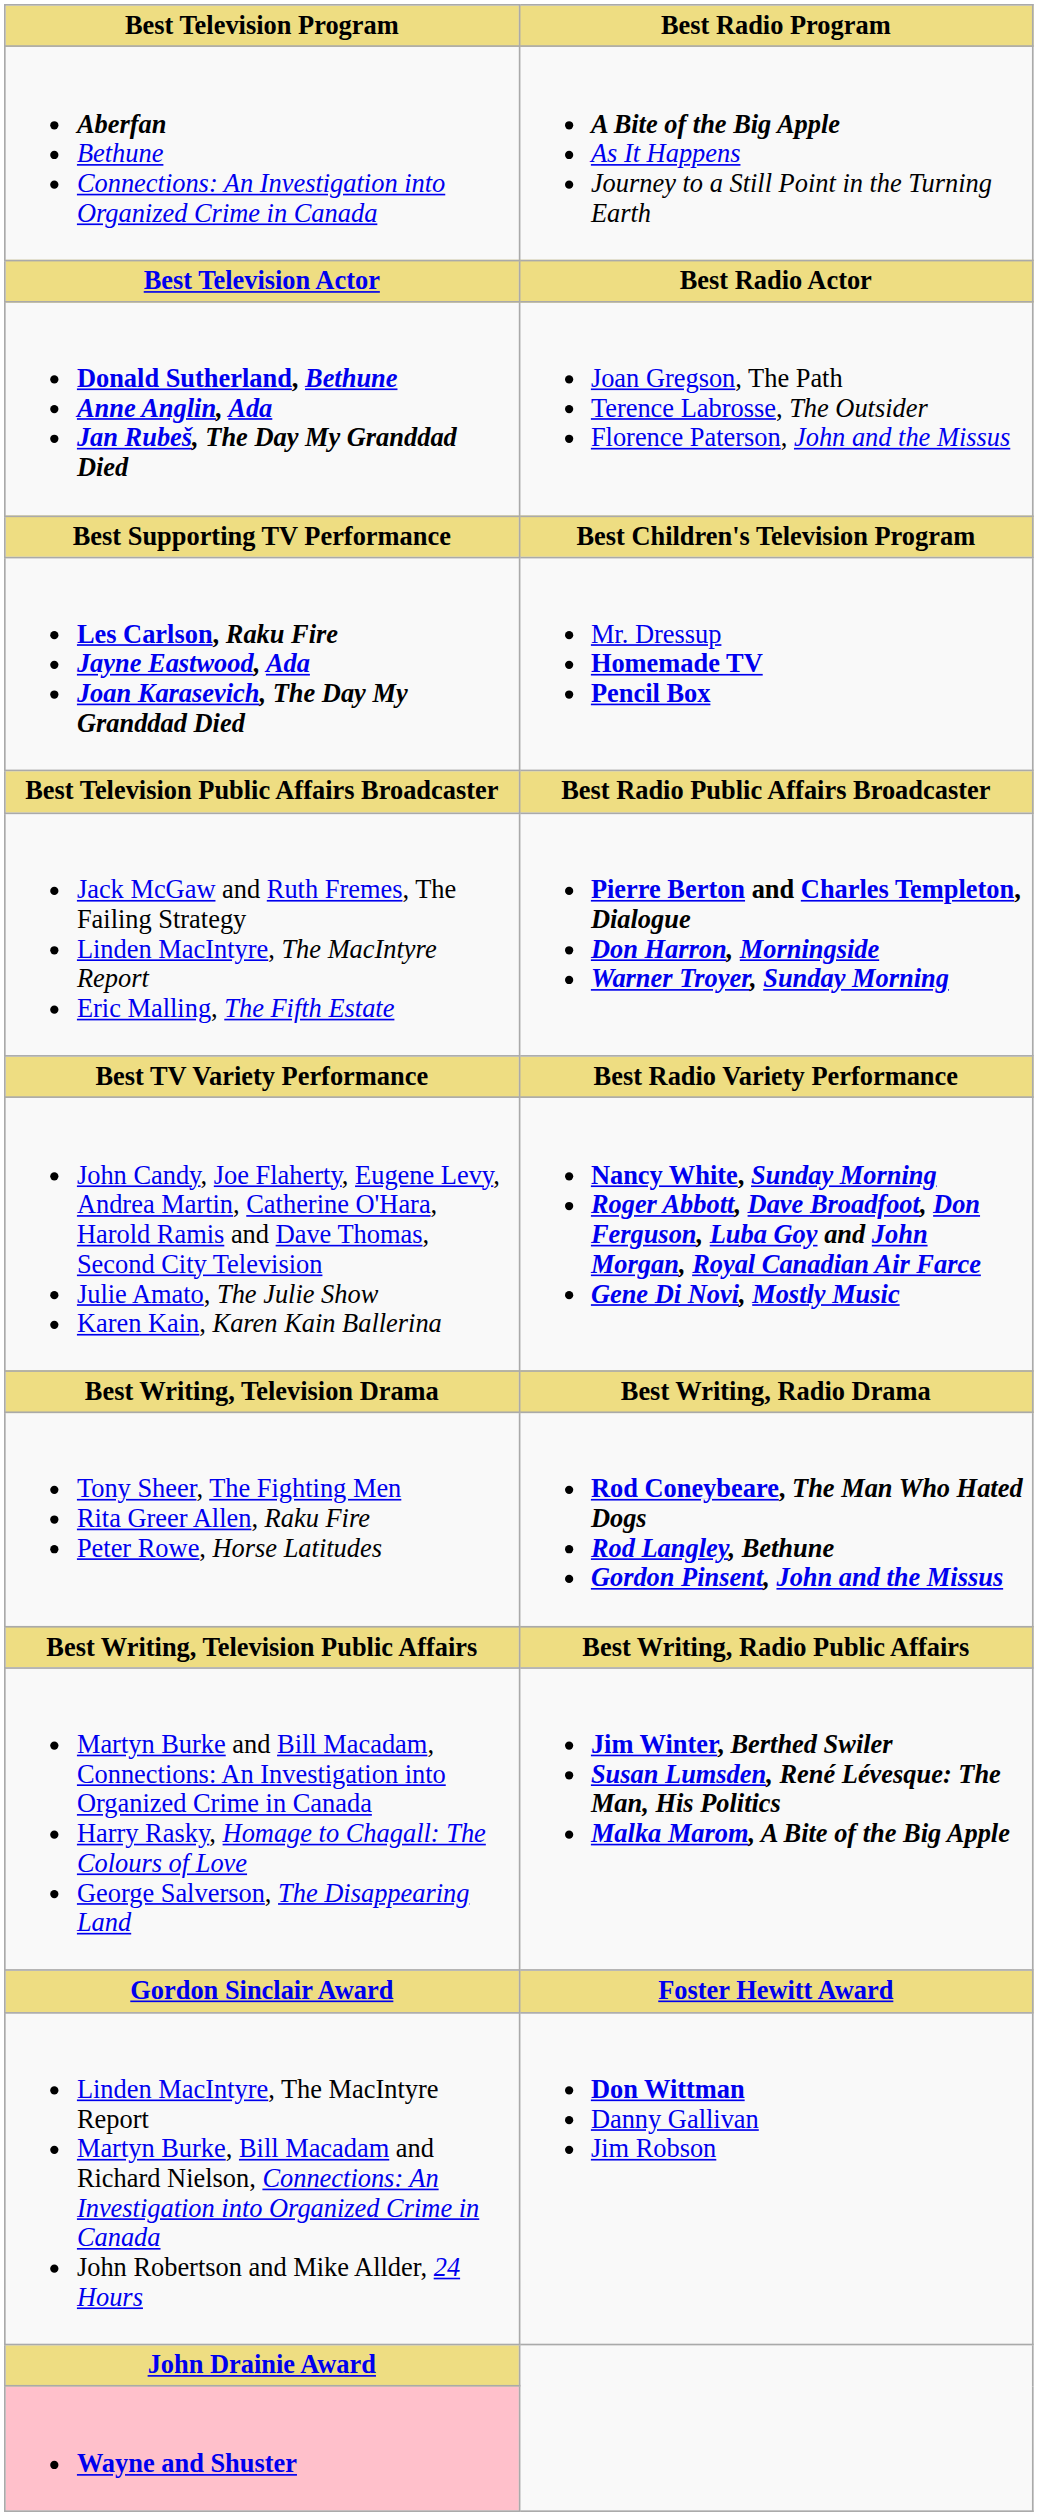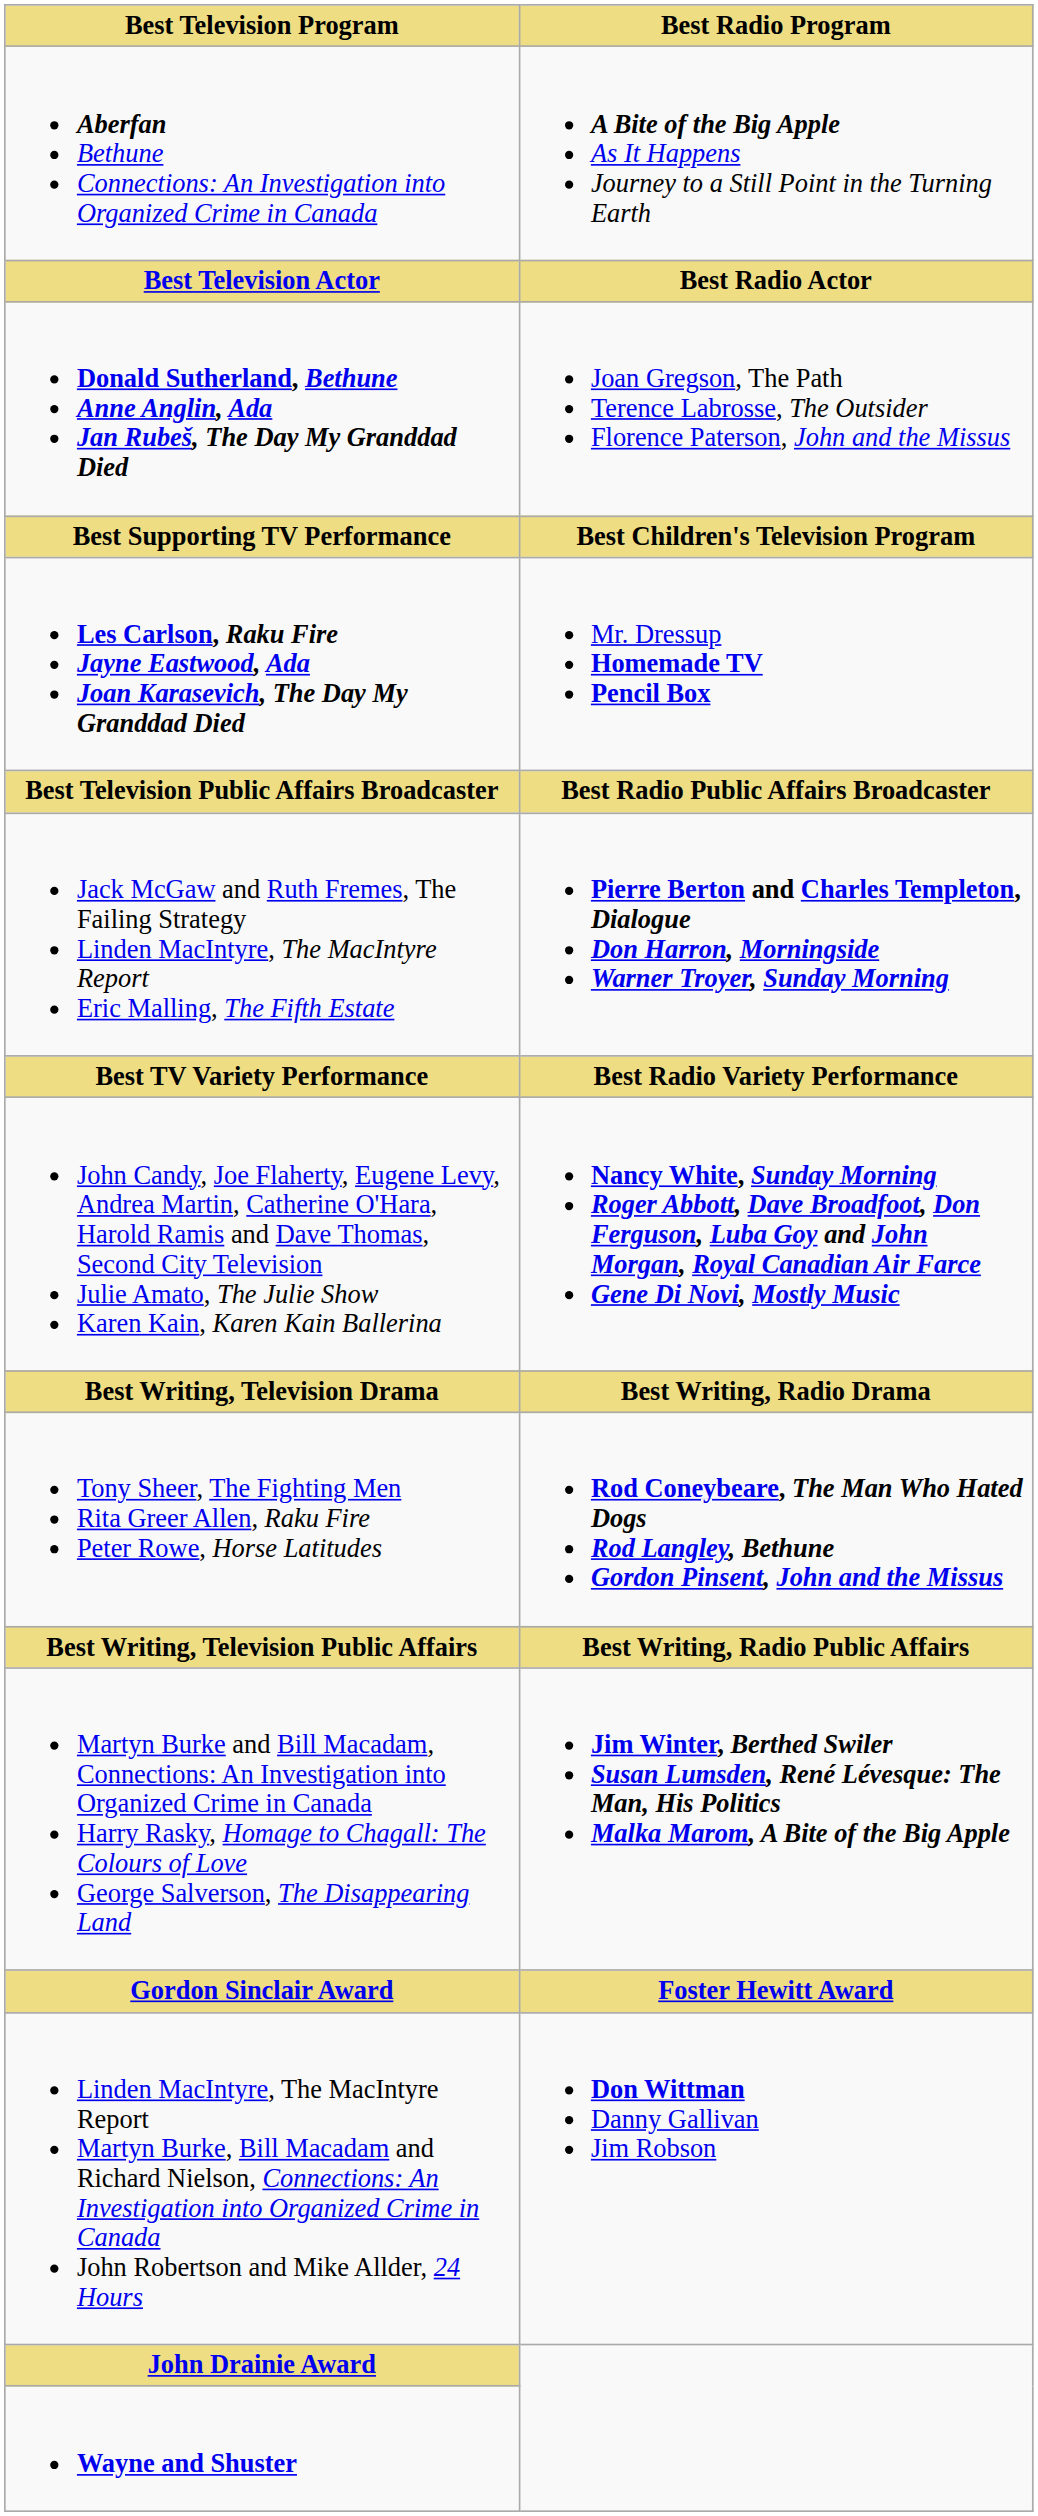 <table class=wikitable width="100%">
 <tr>
 <th style="background:#EEDD82; width:50%">Best Television Program</th>
 <th style="background:#EEDD82; width:50%">Best Radio Program</th>
 </tr>
 <tr>
 <td valign="top"><br><ul><li> <strong><em>Aberfan</em></strong></li><li><em><a href='#'>Bethune</a></em></li><li><em><a href='#'>Connections: An Investigation into Organized Crime in Canada</a></em></li></ul></td>
 <td valign="top"><br><ul><li> <strong><em>A Bite of the Big Apple</em></strong></li><li><em><a href='#'>As It Happens</a></em></li><li><em>Journey to a Still Point in the Turning Earth</em></li></ul></td>
 </tr>
 <tr>
 <th style="background:#EEDD82; width:50%"><a href='#'>Best Television Actor</a></th>
 <th style="background:#EEDD82; width:50%">Best Radio Actor</th>
 </tr>
 <tr>
 <td valign="top"><br><ul><li> <strong><a href='#'>Donald Sutherland</a>, <em><a href='#'>Bethune</a><strong><em></li><li><a href='#'>Anne Anglin</a>, </em><a href='#'>Ada</a><em></li><li><a href='#'>Jan Rubeš</a>, </em>The Day My Granddad Died<em></li></ul></td>
 <td valign="top"><br><ul><li> </strong><a href='#'>Joan Gregson</a>, </em>The Path</em></strong></li><li><a href='#'>Terence Labrosse</a>, <em>The Outsider</em></li><li><a href='#'>Florence Paterson</a>, <em><a href='#'>John and the Missus</a></em></li></ul></td>
 </tr>
 <tr>
 <th style="background:#EEDD82; width:50%">Best Supporting TV Performance</th>
 <th style="background:#EEDD82; width:50%">Best Children's Television Program</th>
 </tr>
 <tr>
 <td valign="top"><br><ul><li> <strong><a href='#'>Les Carlson</a>, <em>Raku Fire<strong><em></li><li><a href='#'>Jayne Eastwood</a>, </em><a href='#'>Ada</a><em></li><li><a href='#'>Joan Karasevich</a>, </em>The Day My Granddad Died<em></li></ul></td>
 <td valign="top"><br><ul><li> </em></strong><a href='#'>Mr. Dressup</a><strong><em></li><li></em><a href='#'>Homemade TV</a><em></li><li></em><a href='#'>Pencil Box</a><em></li></ul></td>
 </tr>
 <tr>
 <th style="background:#EEDD82; width:50%">Best Television Public Affairs Broadcaster</th>
 <th style="background:#EEDD82; width:50%">Best Radio Public Affairs Broadcaster</th>
 </tr>
 <tr>
 <td valign="top"><br><ul><li> </strong><a href='#'>Jack McGaw</a> and <a href='#'>Ruth Fremes</a>, </em>The Failing Strategy</em></strong></li><li><a href='#'>Linden MacIntyre</a>, <em>The MacIntyre Report</em></li><li><a href='#'>Eric Malling</a>, <em><a href='#'>The Fifth Estate</a></em></li></ul></td>
 <td valign="top"><br><ul><li> <strong><a href='#'>Pierre Berton</a> and <a href='#'>Charles Templeton</a>, <em>Dialogue<strong><em></li><li><a href='#'>Don Harron</a>, </em><a href='#'>Morningside</a><em></li><li><a href='#'>Warner Troyer</a>, </em><a href='#'>Sunday Morning</a><em></li></ul></td>
 </tr>
 <tr>
 <th style="background:#EEDD82; width:50%">Best TV Variety Performance</th>
 <th style="background:#EEDD82; width:50%">Best Radio Variety Performance</th>
 </tr>
 <tr>
 <td valign="top"><br><ul><li> </strong><a href='#'>John Candy</a>, <a href='#'>Joe Flaherty</a>, <a href='#'>Eugene Levy</a>, <a href='#'>Andrea Martin</a>, <a href='#'>Catherine O'Hara</a>, <a href='#'>Harold Ramis</a> and <a href='#'>Dave Thomas</a>, </em><a href='#'>Second City Television</a></em></strong></li><li><a href='#'>Julie Amato</a>, <em>The Julie Show</em></li><li><a href='#'>Karen Kain</a>, <em>Karen Kain Ballerina</em></li></ul></td>
 <td valign="top"><br><ul><li> <strong><a href='#'>Nancy White</a>, <em><a href='#'>Sunday Morning</a><strong><em></li><li><a href='#'>Roger Abbott</a>, <a href='#'>Dave Broadfoot</a>, <a href='#'>Don Ferguson</a>, <a href='#'>Luba Goy</a> and <a href='#'>John Morgan</a>, </em><a href='#'>Royal Canadian Air Farce</a><em></li><li><a href='#'>Gene Di Novi</a>, </em><a href='#'>Mostly Music</a><em></li></ul></td>
 </tr>
 <tr>
 <th style="background:#EEDD82; width:50%">Best Writing, Television Drama</th>
 <th style="background:#EEDD82; width:50%">Best Writing, Radio Drama</th>
 </tr>
 <tr>
 <td valign="top"><br><ul><li> </strong><a href='#'>Tony Sheer</a>, </em><a href='#'>The Fighting Men</a></em></strong></li><li><a href='#'>Rita Greer Allen</a>, <em>Raku Fire</em></li><li><a href='#'>Peter Rowe</a>, <em>Horse Latitudes</em></li></ul></td>
 <td valign="top"><br><ul><li> <strong><a href='#'>Rod Coneybeare</a>, <em>The Man Who Hated Dogs<strong><em></li><li><a href='#'>Rod Langley</a>, </em>Bethune<em></li><li><a href='#'>Gordon Pinsent</a>, </em><a href='#'>John and the Missus</a><em></li></ul></td>
 </tr>
 <tr>
 <th style="background:#EEDD82; width:50%">Best Writing, Television Public Affairs</th>
 <th style="background:#EEDD82; width:50%">Best Writing, Radio Public Affairs</th>
 </tr>
 <tr>
 <td valign="top"><br><ul><li> </strong><a href='#'>Martyn Burke</a> and <a href='#'>Bill Macadam</a>, </em><a href='#'>Connections: An Investigation into Organized Crime in Canada</a></em></strong></li><li><a href='#'>Harry Rasky</a>, <em><a href='#'>Homage to Chagall: The Colours of Love</a></em></li><li><a href='#'>George Salverson</a>, <em><a href='#'>The Disappearing Land</a></em></li></ul></td>
 <td valign="top"><br><ul><li> <strong><a href='#'>Jim Winter</a>, <em>Berthed Swiler<strong><em></li><li><a href='#'>Susan Lumsden</a>, </em>René Lévesque: The Man, His Politics<em></li><li><a href='#'>Malka Marom</a>, </em>A Bite of the Big Apple<em></li></ul></td>
 </tr>
 <tr>
 <th style="background:#EEDD82; width:50%"><a href='#'>Gordon Sinclair Award</a></th>
 <th style="background:#EEDD82; width:50%"><a href='#'>Foster Hewitt Award</a></th>
 </tr>
 <tr>
 <td valign="top"><br><ul><li> </strong><a href='#'>Linden MacIntyre</a>, </em>The MacIntyre Report</em></strong></li><li><a href='#'>Martyn Burke</a>, <a href='#'>Bill Macadam</a> and Richard Nielson, <em><a href='#'>Connections: An Investigation into Organized Crime in Canada</a></em></li><li>John Robertson and Mike Allder, <em><a href='#'>24 Hours</a></em></li></ul></td>
 <td valign="top"><br><ul><li> <strong><a href='#'>Don Wittman</a></strong></li><li><a href='#'>Danny Gallivan</a></li><li><a href='#'>Jim Robson</a></li></ul></td>
 </tr>
 <tr>
 <th style="background:#EEDD82; width:50%"><a href='#'>John Drainie Award</a></th>
 </tr>
 <tr>
-<td valign="top" style="background: pink;"><br><ul><li> <strong><a href='#'>Wayne and Shuster</a></strong></li></ul></td>
+<td valign="top"><br><ul><li> <strong><a href='#'>Wayne and Shuster</a></strong></li></ul></td>
 </tr>
 </table>
